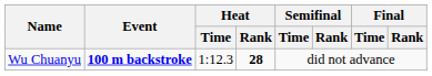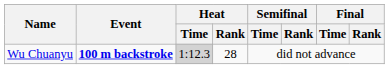 <table class="wikitable">
 <tr>
 <th rowspan="2">Name</th>
 <th rowspan="2">Event</th>
 <th colspan="2">Heat</th>
 <th colspan="2">Semifinal</th>
 <th colspan="2">Final</th>
 </tr>
 <tr>
 <th>Time</th>
 <th>Rank</th>
 <th>Time</th>
 <th>Rank</th>
 <th>Time</th>
 <th>Rank</th>
 </tr>
 <tr>
 <td><a href='#'>Wu Chuanyu</a></td>
 <td><strong><a href='#'>100 m backstroke</a></strong></td>
-<td align="center">1:12.3</td>
-<td align="center"><strong>28</strong></td>
+<td align="center" style="background: lightgrey;">1:12.3</td>
+<td align="center">28</td>
 <td align="center" colspan="4">did not advance</td>
 </tr>
 </table>
